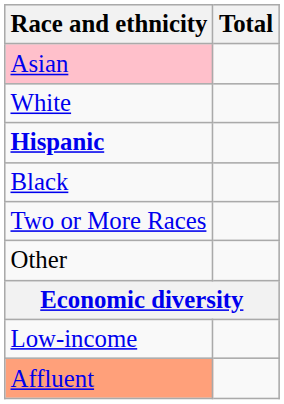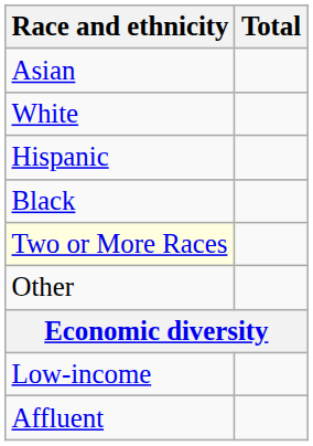 <table class="wikitable floatright sortable collapsible"; text-align:right; font-size:80%;">
 <tr>
 <th>Race and ethnicity</th>
 <th colspan="2" data-sort-type=number>Total</th>
 </tr>
 <tr>
-<td style="background: pink;"><a href='#'>Asian</a></td>
+<td><a href='#'>Asian</a></td>
 <td align=right></td>
 </tr>
 <tr>
 <td><a href='#'>White</a></td>
 <td align=right></td>
 </tr>
 <tr>
-<td><strong><a href='#'>Hispanic</a></strong></td>
+<td><a href='#'>Hispanic</a></td>
 <td align=right></td>
 </tr>
 <tr>
 <td><a href='#'>Black</a></td>
 <td align=right></td>
 </tr>
 <tr>
-<td><a href='#'>Two or More Races</a></td>
+<td style="background: lightyellow;"><a href='#'>Two or More Races</a></td>
 <td align=right></td>
 </tr>
 <tr>
 <td>Other</td>
 <td align=right></td>
 </tr>
 <tr>
 <th colspan="4" data-sort-type=number><a href='#'>Economic diversity</a></th>
 </tr>
 <tr>
 <td><a href='#'>Low-income</a></td>
 <td align=right></td>
 </tr>
 <tr>
-<td style="background: lightsalmon;"><a href='#'>Affluent</a></td>
+<td><a href='#'>Affluent</a></td>
 <td align=right></td>
 </tr>
 </table>
